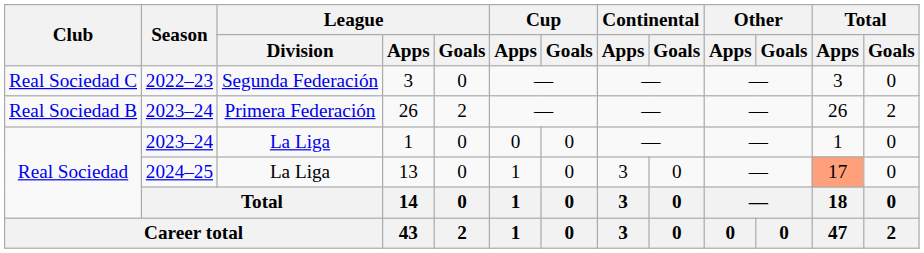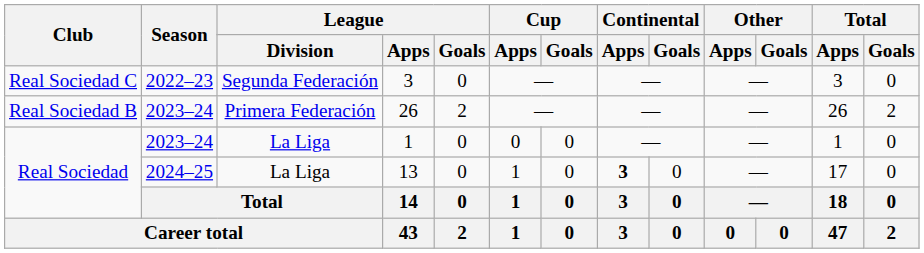 <table class="wikitable" style="text-align:center">
 <tr>
 <th rowspan="2">Club</th>
 <th rowspan="2">Season</th>
 <th colspan="3">League</th>
 <th colspan="2">Cup</th>
 <th colspan="2">Continental</th>
 <th colspan="2">Other</th>
 <th colspan="2">Total</th>
 </tr>
 <tr>
 <th>Division</th>
 <th>Apps</th>
 <th>Goals</th>
 <th>Apps</th>
 <th>Goals</th>
 <th>Apps</th>
 <th>Goals</th>
 <th>Apps</th>
 <th>Goals</th>
 <th>Apps</th>
 <th>Goals</th>
 </tr>
 <tr>
 <td><a href='#'>Real Sociedad C</a></td>
 <td><a href='#'>2022–23</a></td>
 <td><a href='#'>Segunda Federación</a></td>
 <td>3</td>
 <td>0</td>
 <td colspan="2">—</td>
 <td colspan="2">—</td>
 <td colspan="2">—</td>
 <td>3</td>
 <td>0</td>
 </tr>
 <tr>
 <td><a href='#'>Real Sociedad B</a></td>
 <td><a href='#'>2023–24</a></td>
 <td><a href='#'>Primera Federación</a></td>
 <td>26</td>
 <td>2</td>
 <td colspan="2">—</td>
 <td colspan="2">—</td>
 <td colspan="2">—</td>
 <td>26</td>
 <td>2</td>
 </tr>
 <tr>
 <td rowspan="3"><a href='#'>Real Sociedad</a></td>
 <td><a href='#'>2023–24</a></td>
 <td><a href='#'>La Liga</a></td>
 <td>1</td>
 <td>0</td>
 <td>0</td>
 <td>0</td>
 <td colspan="2">—</td>
 <td colspan="2">—</td>
 <td>1</td>
 <td>0</td>
 </tr>
 <tr>
 <td><a href='#'>2024–25</a></td>
 <td>La Liga</td>
 <td>13</td>
 <td>0</td>
 <td>1</td>
 <td>0</td>
-<td>3</td>
+<td><strong>3</strong></td>
 <td>0</td>
 <td colspan="2">—</td>
-<td style="background: lightsalmon;">17</td>
+<td>17</td>
 <td>0</td>
 </tr>
 <tr>
 <th colspan="2">Total</th>
 <th>14</th>
 <th>0</th>
 <th>1</th>
 <th>0</th>
 <th>3</th>
 <th>0</th>
 <th colspan="2">—</th>
 <th>18</th>
 <th>0</th>
 </tr>
 <tr>
 <th colspan="3">Career total</th>
 <th>43</th>
 <th>2</th>
 <th>1</th>
 <th>0</th>
 <th>3</th>
 <th>0</th>
 <th>0</th>
 <th>0</th>
 <th>47</th>
 <th>2</th>
 </tr>
 </table>
